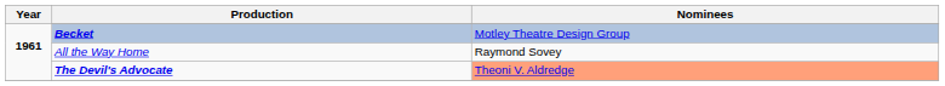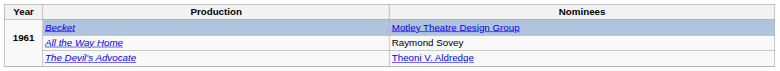 <table class="wikitable" style="width:100%;">
 <tr style="background:#bebebe;">
 <th style="width:5%;">Year</th>
 <th style="width:45%;”">Production</th>
 <th style="width:50%;”">Nominees</th>
 </tr>
 <tr>
 <td rowspan="4" align="center"><strong>1961</strong><br><br></td>
 </tr>
 <tr style="background:#B0C4DE;">
-<td><strong><em><a href='#'>Becket</a></em></strong></td>
+<td><em><a href='#'>Becket</a></em></td>
 <td><a href='#'>Motley Theatre Design Group</a></td>
 </tr>
 <tr>
 <td><em><a href='#'>All the Way Home</a></em></td>
 <td>Raymond Sovey</td>
 </tr>
 <tr>
-<td><strong><em><a href='#'>The Devil's Advocate</a></em></strong></td>
-<td style="background: lightsalmon;"><a href='#'>Theoni V. Aldredge</a></td>
+<td><em><a href='#'>The Devil's Advocate</a></em></td>
+<td><a href='#'>Theoni V. Aldredge</a></td>
 </tr>
 <tr>
 </tr>
 </table>
